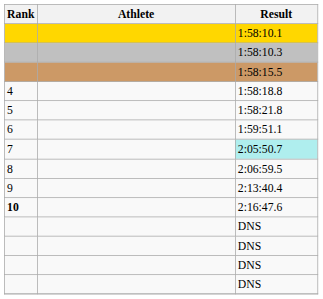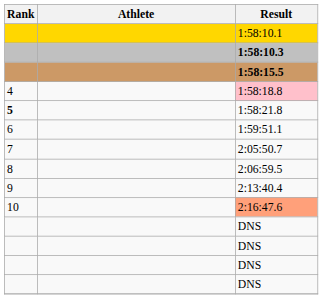 <table class="wikitable" style="font-size:95%" style="width:35em;" style="text-align:center">
 <tr>
 <th>Rank</th>
 <th width=250>Athlete</th>
 <th width=100>Result</th>
 </tr>
 <tr bgcolor=gold>
 <td></td>
 <td align=left></td>
 <td>1:58:10.1</td>
 </tr>
 <tr bgcolor=silver>
 <td></td>
 <td align=left></td>
-<td>1:58:10.3</td>
+<td><strong>1:58:10.3</strong></td>
 </tr>
 <tr bgcolor=cc9966>
 <td></td>
 <td align=left></td>
-<td>1:58:15.5</td>
+<td><strong>1:58:15.5</strong></td>
 </tr>
 <tr>
 <td>4</td>
 <td align=left></td>
-<td>1:58:18.8</td>
+<td style="background: pink;">1:58:18.8</td>
 </tr>
 <tr>
-<td>5</td>
+<td><strong>5</strong></td>
 <td align=left></td>
 <td>1:58:21.8</td>
 </tr>
 <tr>
 <td>6</td>
 <td align=left></td>
 <td>1:59:51.1</td>
 </tr>
 <tr>
 <td>7</td>
 <td align=left></td>
-<td style="background: paleturquoise;">2:05:50.7</td>
+<td>2:05:50.7</td>
 </tr>
 <tr>
 <td>8</td>
 <td align=left></td>
 <td>2:06:59.5</td>
 </tr>
 <tr>
 <td>9</td>
 <td align=left></td>
 <td>2:13:40.4</td>
 </tr>
 <tr>
-<td><strong>10</strong></td>
+<td>10</td>
 <td align=left></td>
-<td>2:16:47.6</td>
+<td style="background: lightsalmon;">2:16:47.6</td>
 </tr>
 <tr>
 <td></td>
 <td align=left></td>
 <td>DNS</td>
 </tr>
 <tr>
 <td></td>
 <td align=left></td>
 <td>DNS</td>
 </tr>
 <tr>
 <td></td>
 <td align=left></td>
 <td>DNS</td>
 </tr>
 <tr>
 <td></td>
 <td align=left></td>
 <td>DNS</td>
 </tr>
 <tr>
 </tr>
 </table>
